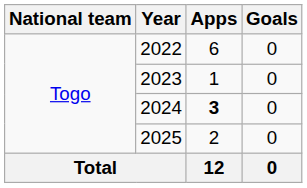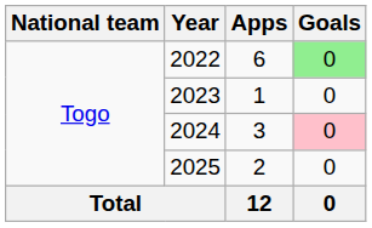 <table class="wikitable" style="text-align:center">
 <tr>
 <th>National team</th>
 <th>Year</th>
 <th>Apps</th>
 <th>Goals</th>
 </tr>
 <tr>
 <td rowspan="4"><a href='#'>Togo</a></td>
 <td>2022</td>
 <td>6</td>
-<td>0</td>
+<td style="background: lightgreen;">0</td>
 </tr>
 <tr>
 <td>2023</td>
 <td>1</td>
 <td>0</td>
 </tr>
 <tr>
 <td>2024</td>
-<td><strong>3</strong></td>
-<td>0</td>
+<td>3</td>
+<td style="background: pink;">0</td>
 </tr>
 <tr>
 <td>2025</td>
 <td>2</td>
 <td>0</td>
 </tr>
 <tr>
 <th colspan="2">Total</th>
 <th>12</th>
 <th>0</th>
 </tr>
 </table>
